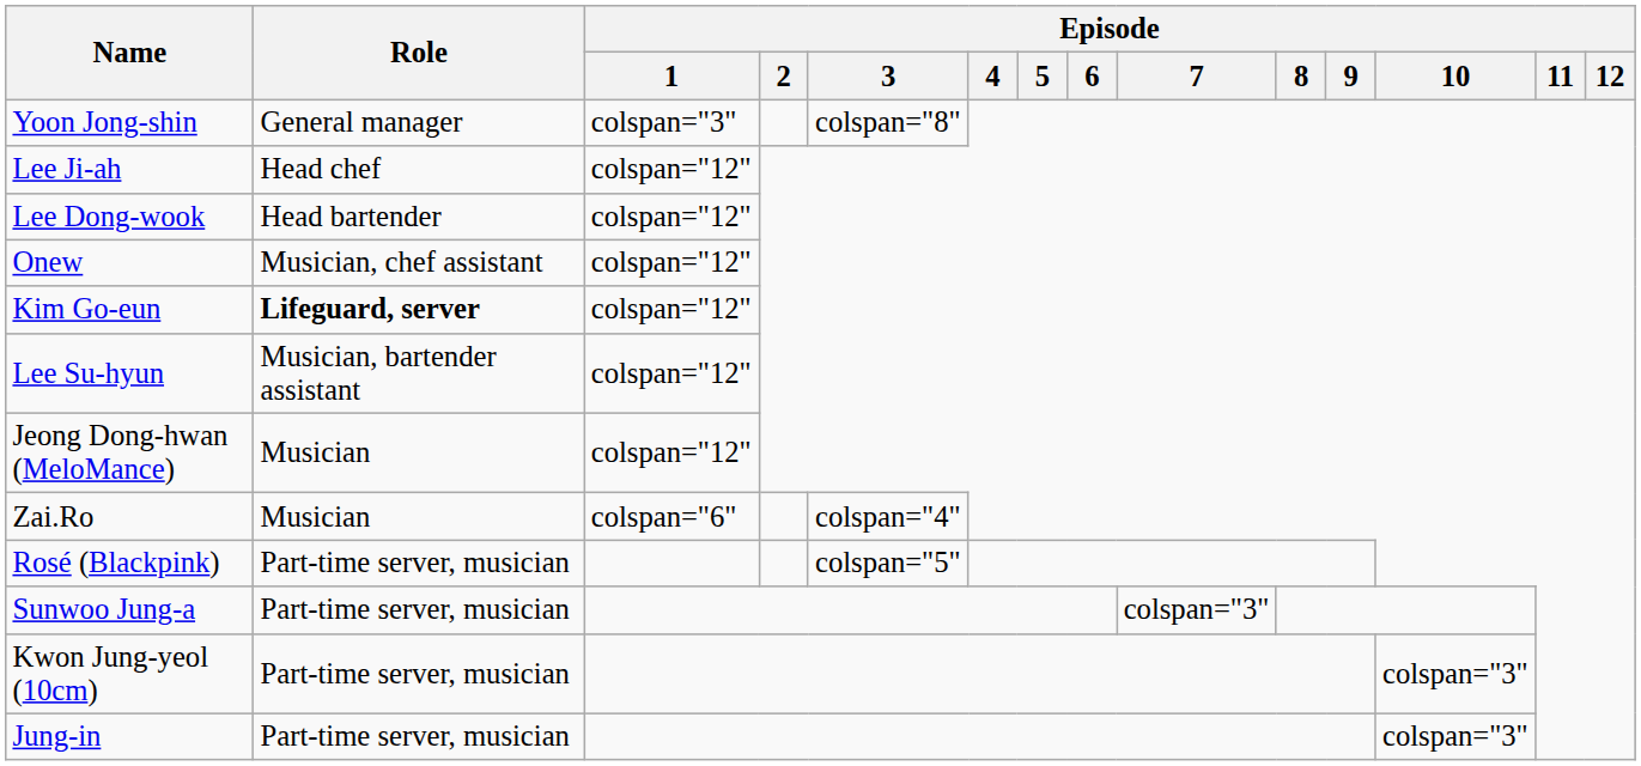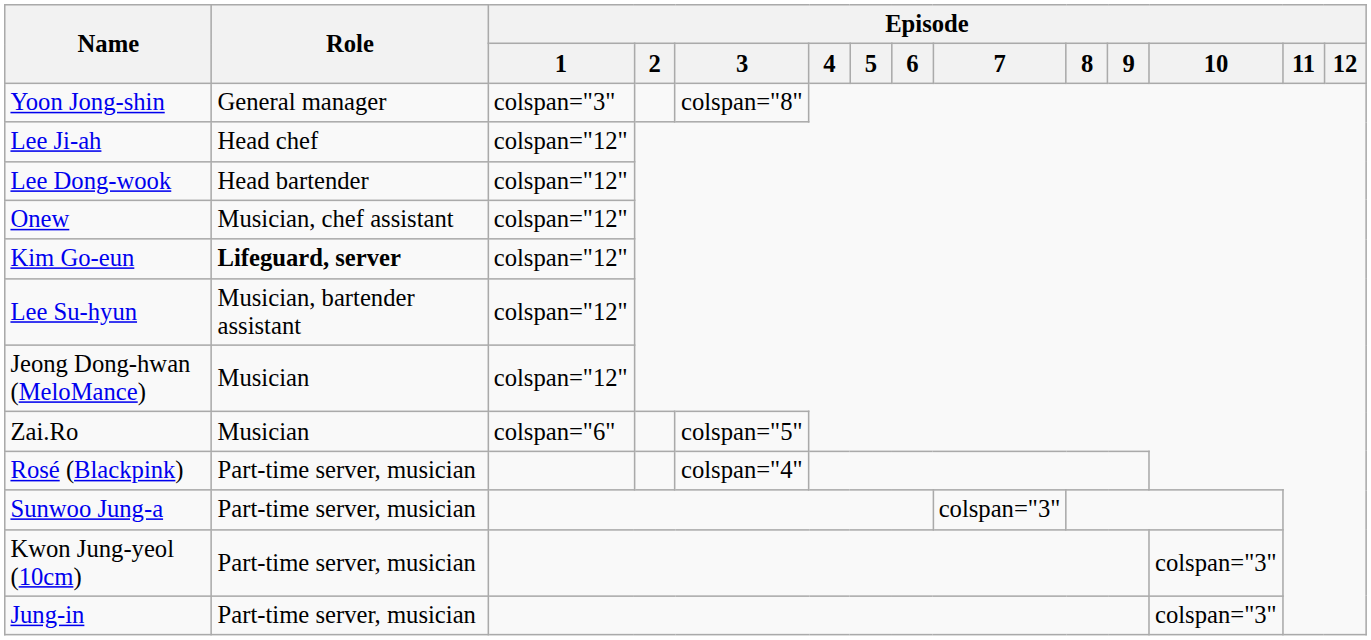 <table class="wikitable" style="width:70%;">
 <tr>
 <th style="width:15%;" rowspan="2">Name</th>
 <th style="width:20%;" rowspan="2">Role</th>
 <th colspan="12">Episode</th>
 </tr>
 <tr>
 <th style="width:3%;">1</th>
 <th style="width:3%;">2</th>
 <th style="width:3%;">3</th>
 <th style="width:3%;">4</th>
 <th style="width:3%;">5</th>
 <th style="width:3%;">6</th>
 <th style="width:3%;">7</th>
 <th style="width:3%;">8</th>
 <th style="width:3%;">9</th>
 <th style="width:3%;">10</th>
 <th style="width:3%;">11</th>
 <th style="width:3%;">12</th>
 </tr>
 <tr>
 <td><a href='#'>Yoon Jong-shin</a></td>
 <td>General manager</td>
 <td>colspan="3" </td>
 <td></td>
 <td>colspan="8" </td>
 </tr>
 <tr>
 <td><a href='#'>Lee Ji-ah</a></td>
 <td>Head chef</td>
 <td>colspan="12" </td>
 </tr>
 <tr>
 <td><a href='#'>Lee Dong-wook</a></td>
 <td>Head bartender</td>
 <td>colspan="12" </td>
 </tr>
 <tr>
 <td><a href='#'>Onew</a></td>
 <td>Musician, chef assistant</td>
 <td>colspan="12" </td>
 </tr>
 <tr>
 <td><a href='#'>Kim Go-eun</a></td>
 <td><strong>Lifeguard, server</strong></td>
 <td>colspan="12" </td>
 </tr>
 <tr>
 <td><a href='#'>Lee Su-hyun</a></td>
 <td>Musician, bartender assistant</td>
 <td>colspan="12" </td>
 </tr>
 <tr>
 <td>Jeong Dong-hwan (<a href='#'>MeloMance</a>)</td>
 <td>Musician</td>
 <td>colspan="12" </td>
 </tr>
 <tr>
 <td>Zai.Ro</td>
 <td>Musician</td>
 <td>colspan="6" </td>
 <td></td>
-<td>colspan="4" </td>
+<td>colspan="5" </td>
 </tr>
 <tr>
 <td><a href='#'>Rosé</a> (<a href='#'>Blackpink</a>)</td>
 <td>Part-time server, musician</td>
 <td></td>
 <td></td>
-<td>colspan="5" </td>
+<td>colspan="4" </td>
 <td colspan="6"></td>
 </tr>
 <tr>
 <td><a href='#'>Sunwoo Jung-a</a></td>
 <td>Part-time server, musician</td>
 <td colspan="6"></td>
 <td>colspan="3" </td>
 <td colspan="3"></td>
 </tr>
 <tr>
 <td>Kwon Jung-yeol (<a href='#'>10cm</a>)</td>
 <td>Part-time server, musician</td>
 <td colspan="9"></td>
 <td>colspan="3" </td>
 </tr>
 <tr>
 <td><a href='#'>Jung-in</a></td>
 <td>Part-time server, musician</td>
 <td colspan="9"></td>
 <td>colspan="3" </td>
 </tr>
 </table>
